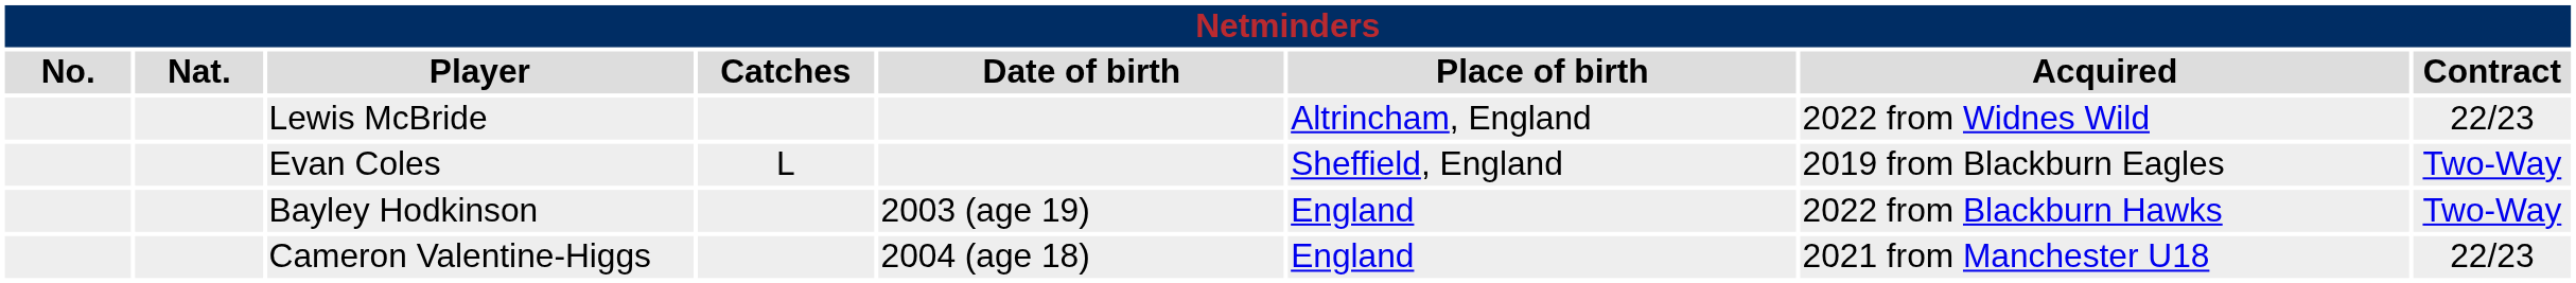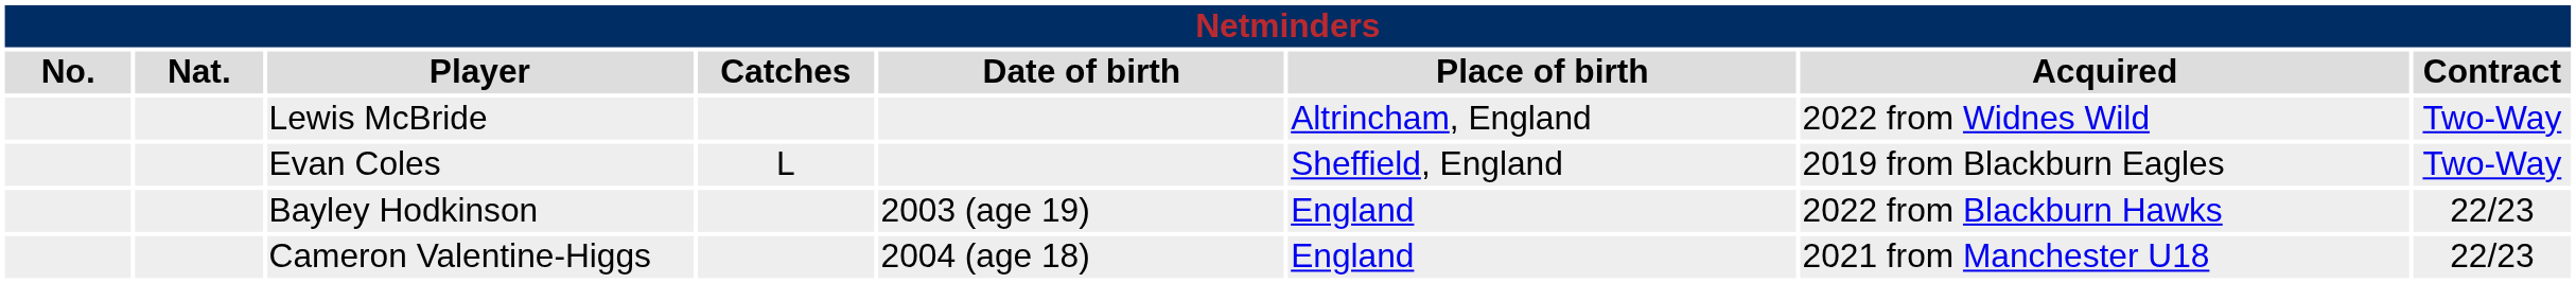 <table class="toccolours"  style="width:97%; clear:both; margin:1.5em auto; text-align:center;">
 <tr>
 <th colspan="10" style="background:#002d64; color:#b92a30;”">Netminders</th>
 </tr>
 <tr style="background:#ddd;">
 <th width=5%>No.</th>
 <th width=5%>Nat.</th>
 <th !width=22%>Player</th>
 <th width=7%>Catches</th>
 <th width=16%>Date of birth</th>
 <th width=20%>Place of birth</th>
 <th width=24%>Acquired</th>
 <td><strong>Contract</strong></td>
 </tr>
 <tr style="background:#eee;">
 <td></td>
 <td></td>
 <td align=left>Lewis McBride</td>
 <td></td>
 <td align=left></td>
 <td align=left><a href='#'>Altrincham</a>, England</td>
 <td align=left>2022 from <a href='#'>Widnes Wild</a></td>
-<td>22/23</td>
+<td><a href='#'>Two-Way</a></td>
 </tr>
 <tr style="background:#eee;">
 <td></td>
 <td></td>
 <td align=left>Evan Coles</td>
 <td>L</td>
 <td align=left></td>
 <td align=left><a href='#'>Sheffield</a>, England</td>
 <td align=left>2019 from Blackburn Eagles</td>
 <td><a href='#'>Two-Way</a></td>
 </tr>
 <tr style="background:#eee;">
 <td></td>
 <td></td>
 <td align=left>Bayley Hodkinson</td>
 <td></td>
 <td align=left>2003 (age 19)</td>
 <td align=left><a href='#'>England</a></td>
 <td align=left>2022 from <a href='#'>Blackburn Hawks</a></td>
-<td><a href='#'>Two-Way</a></td>
+<td>22/23</td>
 </tr>
 <tr style="background:#eee;">
 <td></td>
 <td></td>
 <td align=left>Cameron Valentine-Higgs</td>
 <td></td>
 <td align=left>2004 (age 18)</td>
 <td align=left><a href='#'>England</a></td>
 <td align=left>2021 from <a href='#'>Manchester U18</a></td>
 <td>22/23</td>
 </tr>
 </table>
